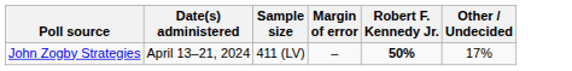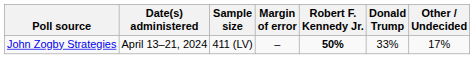 <table class="wikitable sortable mw-datatable" style="font-size:90%;text-align:center;line-height:17px">
 <tr style="vertical-align:bottom">
 <th>Poll source</th>
 <th>Date(s)<br>administered</th>
 <th>Sample<br>size</th>
 <th>Margin<br>of error</th>
 <th class="unsortable">Robert F.<br>Kennedy Jr.<br></th>
+<th class="unsortable">Donald<br>Trump<br></th>
 <th class="unsortable">Other /<br>Undecided</th>
 </tr>
 <tr>
 <td style="text-align:left;"><a href='#'>John Zogby Strategies</a></td>
 <td data-sort-value="2024-05-01">April 13–21, 2024</td>
 <td>411 (LV)</td>
 <td>–</td>
 <td style="background-color:"><strong>50%</strong></td>
+<td>33%</td>
 <td>17%</td>
 </tr>
 </table>
